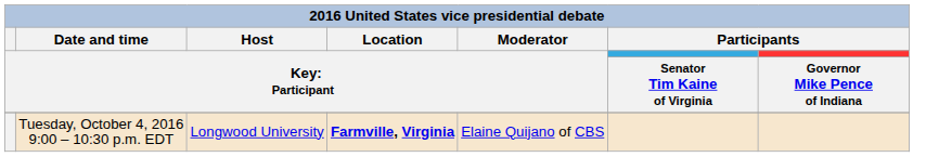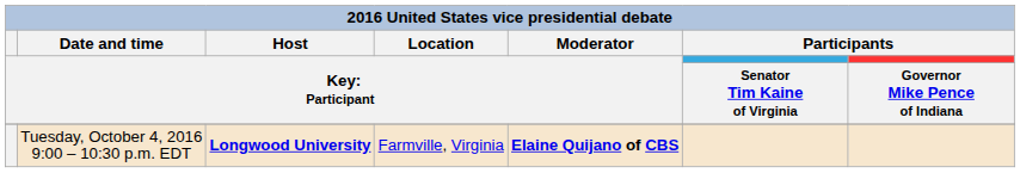 <table class="wikitable">
 <tr>
 <th style="background:#B0C4DE" colspan="16">2016 United States vice presidential debate</th>
 </tr>
 <tr>
 <th style="white-space:nowrap;"> </th>
 <th>Date and time</th>
 <th>Host</th>
 <th>Location</th>
 <th>Moderator</th>
 <th scope="col" colspan="10">Participants</th>
 </tr>
 <tr>
 <th colspan="5" rowspan="2">Key:<br> <small>Participant  </small></th>
 <th scope="col" style="width:10em; background: #34AAE0;"><small><a href='#'></a></small></th>
 <th scope="col" style="width:10em; background: #FF3333;"><small><a href='#'></a></small></th>
 </tr>
 <tr>
 <th><small>Senator</small><br><a href='#'>Tim Kaine</a><br><small>of Virginia</small></th>
 <th><small>Governor</small><br><a href='#'>Mike Pence</a><br><small>of Indiana</small></th>
 </tr>
 <tr>
 </tr>
 <tr bgcolor="#F7E7CE">
 <th></th>
 <td style="white-space:nowrap; text-align:center;">Tuesday, October 4, 2016<br>9:00 – 10:30 p.m. EDT</td>
-<td style="white-space:nowrap; text-align:center;"><a href='#'>Longwood University</a></td>
-<td style="white-space:nowrap; text-align:center;"><strong><a href='#'>Farmville</a>, <a href='#'>Virginia</a></strong></td>
-<td style="white-space:nowrap; text-align:center;"><a href='#'>Elaine Quijano</a> of <a href='#'>CBS</a></td>
+<td style="white-space:nowrap; text-align:center;"><strong><a href='#'>Longwood University</a></strong></td>
+<td style="white-space:nowrap; text-align:center;"><a href='#'>Farmville</a>, <a href='#'>Virginia</a></td>
+<td style="white-space:nowrap; text-align:center;"><strong><a href='#'>Elaine Quijano</a> of <a href='#'>CBS</a></strong></td>
 <td></td>
 <td></td>
 </tr>
 </table>
